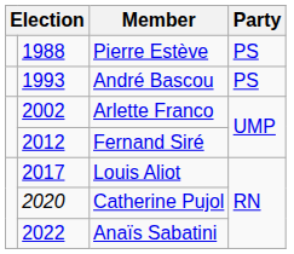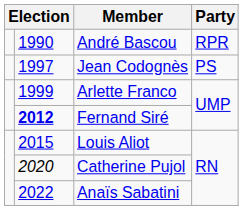 <table class="wikitable">
 <tr>
 <th colspan=2>Election</th>
 <th>Member</th>
 <th>Party</th>
 </tr>
 <tr>
 <td style="background-color: "></td>
-<td><a href='#'>1988</a></td>
-<td><a href='#'>Pierre Estève</a></td>
-<td><a href='#'>PS</a></td>
+<td><a href='#'>1990</a></td>
+<td><a href='#'>André Bascou</a></td>
+<td><a href='#'>RPR</a></td>
 </tr>
 <tr>
 <td style="background-color: "></td>
-<td><a href='#'>1993</a></td>
-<td><a href='#'>André Bascou</a></td>
+<td><a href='#'>1997</a></td>
+<td><a href='#'>Jean Codognès</a></td>
 <td><a href='#'>PS</a></td>
 </tr>
 <tr>
 <td rowspan="2" style="background-color: "></td>
-<td><a href='#'>2002</a></td>
+<td><a href='#'>1999</a></td>
 <td><a href='#'>Arlette Franco</a></td>
 <td rowspan="2"><a href='#'>UMP</a></td>
 </tr>
 <tr>
-<td><a href='#'>2012</a></td>
+<td><strong><a href='#'>2012</a></strong></td>
 <td><a href='#'>Fernand Siré</a></td>
 </tr>
 <tr>
 <td rowspan="3" style="background-color: "></td>
-<td><a href='#'>2017</a></td>
+<td><a href='#'>2015</a></td>
 <td><a href='#'>Louis Aliot</a></td>
 <td rowspan="3"><a href='#'>RN</a></td>
 </tr>
 <tr>
 <td><em>2020</em></td>
 <td><a href='#'>Catherine Pujol</a></td>
 </tr>
 <tr>
 <td><a href='#'>2022</a></td>
 <td><a href='#'>Anaïs Sabatini</a></td>
 </tr>
 </table>
